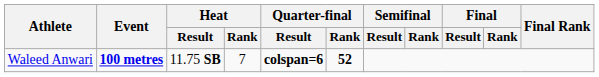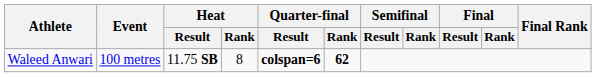 <table class="wikitable" style="font-size:90%">
 <tr>
 <th rowspan="2">Athlete</th>
 <th rowspan="2">Event</th>
 <th colspan="2">Heat</th>
 <th colspan="2">Quarter-final</th>
 <th colspan="2">Semifinal</th>
 <th colspan="2">Final</th>
 <th colspan="2" rowspan="2">Final Rank</th>
 </tr>
 <tr style="font-size:95%">
 <th>Result</th>
 <th>Rank</th>
 <th>Result</th>
 <th>Rank</th>
 <th>Result</th>
 <th>Rank</th>
 <th>Result</th>
 <th>Rank</th>
 </tr>
 <tr align=center>
 <td align=left><a href='#'>Waleed Anwari</a></td>
-<td align=left><strong><a href='#'>100 metres</a></strong></td>
+<td align=left><a href='#'>100 metres</a></td>
 <td>11.75 <strong>SB</strong></td>
-<td>7</td>
+<td>8</td>
 <td><strong>colspan=6 </strong></td>
-<td><strong>52</strong></td>
+<td><strong>62</strong></td>
 </tr>
 </table>
